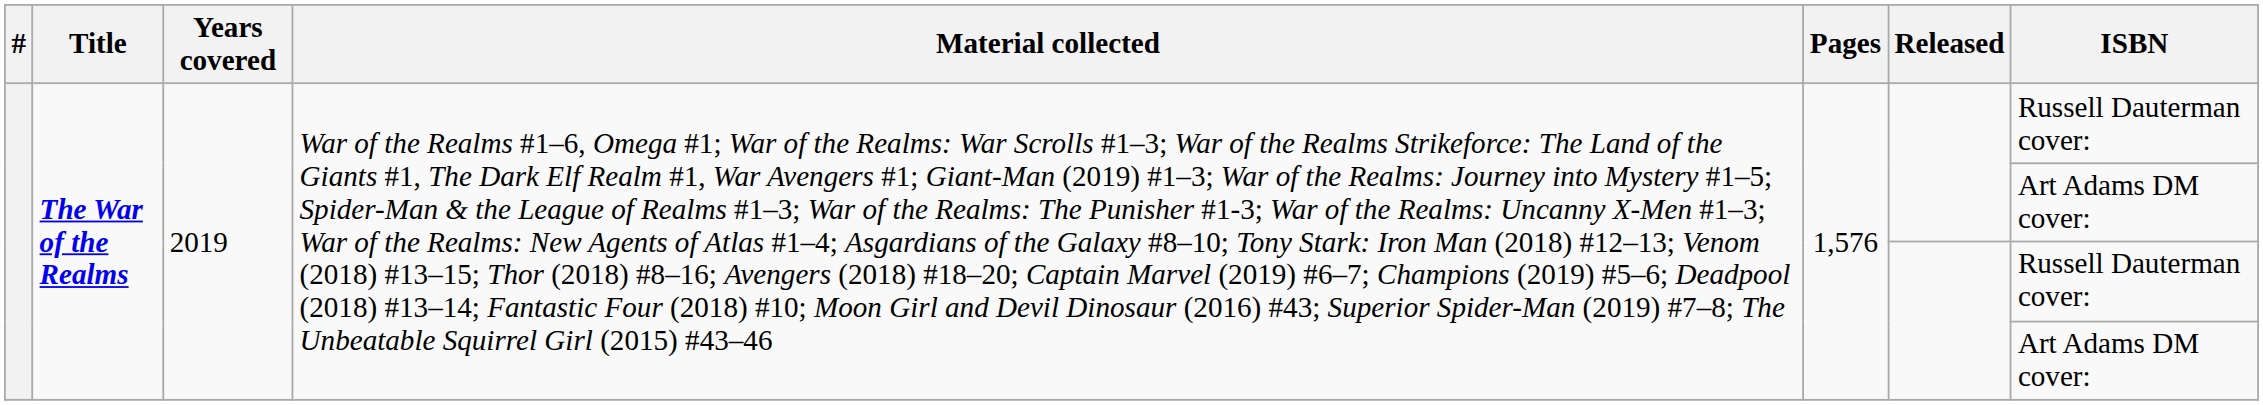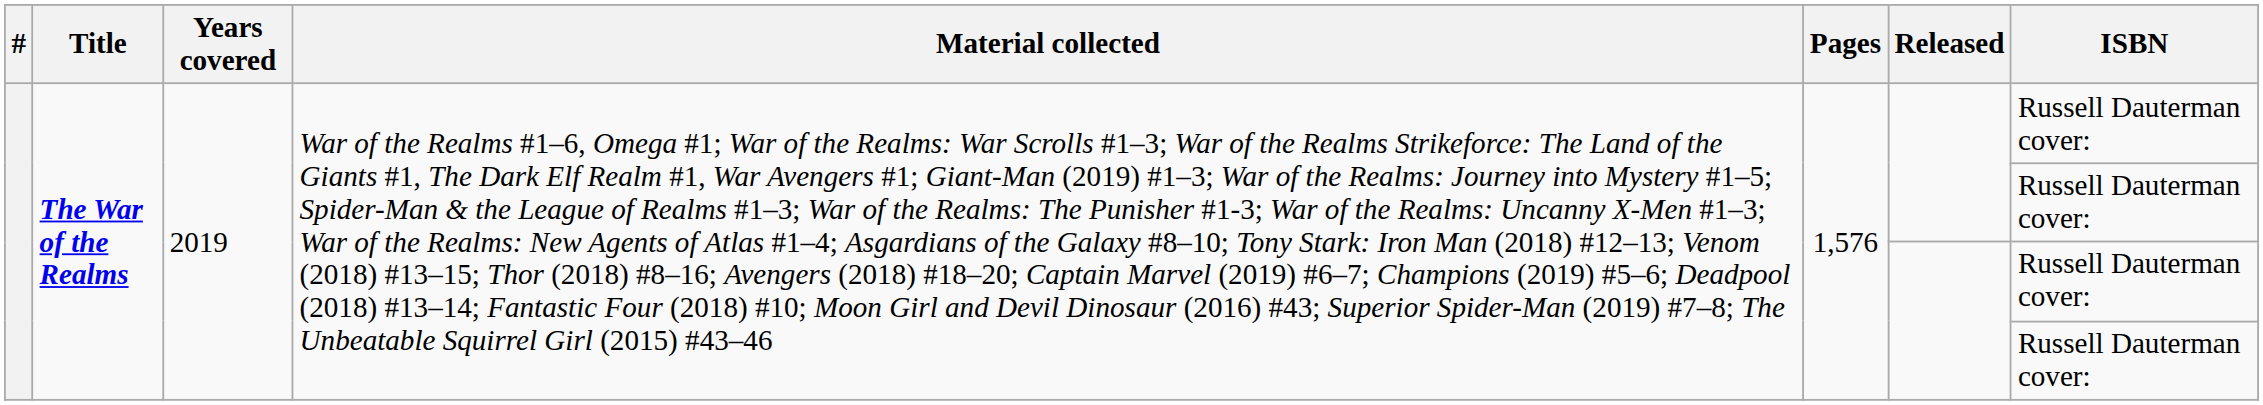 <table class="wikitable sortable" width="98%">
 <tr>
 <th width="4px">#</th>
 <th>Title</th>
 <th style="width: 4em;">Years covered</th>
 <th>Material collected</th>
 <th>Pages</th>
 <th>Released</th>
 <th class="unsortable" style="width: 8em;">ISBN</th>
 </tr>
 <tr>
 <th rowspan="4" style="background-color: light grey;"></th>
 <td rowspan="4"><strong><em><a href='#'>The War of the Realms</a></em></strong></td>
 <td rowspan="4">2019</td>
 <td rowspan="4"><em>War of the Realms</em> #1–6, <em>Omega</em> #1; <em>War of the Realms: War Scrolls</em> #1–3; <em>War of the Realms Strikeforce: The Land of the Giants</em> #1, <em>The Dark Elf Realm</em> #1, <em>War Avengers</em> #1; <em>Giant-Man</em> (2019) #1–3; <em>War of the Realms: Journey into Mystery</em> #1–5; <em>Spider-Man & the League of Realms</em> #1–3; <em>War of the Realms: The Punisher</em> #1-3; <em>War of the Realms: Uncanny X-Men</em> #1–3; <em>War of the Realms: New Agents of Atlas</em> #1–4; <em>Asgardians of the Galaxy</em> #8–10; <em>Tony Stark: Iron Man</em> (2018) #12–13; <em>Venom</em> (2018) #13–15; <em>Thor</em> (2018) #8–16; <em>Avengers</em> (2018) #18–20; <em>Captain Marvel</em> (2019) #6–7; <em>Champions</em> (2019) #5–6; <em>Deadpool</em> (2018) #13–14; <em>Fantastic Four</em> (2018) #10; <em>Moon Girl and Devil Dinosaur</em> (2016) #43; <em>Superior Spider-Man</em> (2019) #7–8; <em>The Unbeatable Squirrel Girl</em> (2015) #43–46</td>
 <td rowspan="4" style="text-align: center;">1,576</td>
 <td rowspan="2"></td>
 <td>Russell Dauterman cover: </td>
 </tr>
 <tr>
-<td>Art Adams DM cover: </td>
+<td>Russell Dauterman cover: </td>
 </tr>
 <tr>
 <td rowspan="2"></td>
 <td>Russell Dauterman cover: </td>
 </tr>
 <tr>
-<td>Art Adams DM cover: </td>
+<td>Russell Dauterman cover: </td>
 </tr>
 </table>
